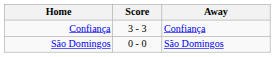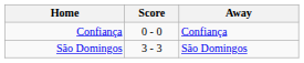 <table class="wikitable" style="text-align: center;">
 <tr>
 <th width=165>Home</th>
 <th width=70>Score</th>
 <th width=165>Away</th>
 </tr>
 <tr>
 <td style="text-align:right;"><a href='#'>Confiança</a></td>
-<td>3 - 3</td>
+<td>0 - 0</td>
 <td style="text-align:left;"><a href='#'>Confiança</a></td>
 </tr>
 <tr>
 <td style="text-align:right;"><a href='#'>São Domingos</a></td>
-<td>0 - 0</td>
+<td>3 - 3</td>
 <td style="text-align:left;"><a href='#'>São Domingos</a></td>
 </tr>
 </table>
